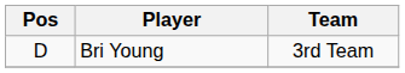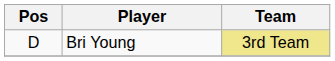 <table class="wikitable">
 <tr>
 <th scope="col" width="50">Pos</th>
 <th scope="col" width="150">Player</th>
 <th scope="col" width="100">Team</th>
 </tr>
 <tr>
 <td align="center">D</td>
 <td>Bri Young</td>
-<td align="center">3rd Team</td>
+<td align="center" style="background: khaki;">3rd Team</td>
 </tr>
 <tr>
 </tr>
 </table>
